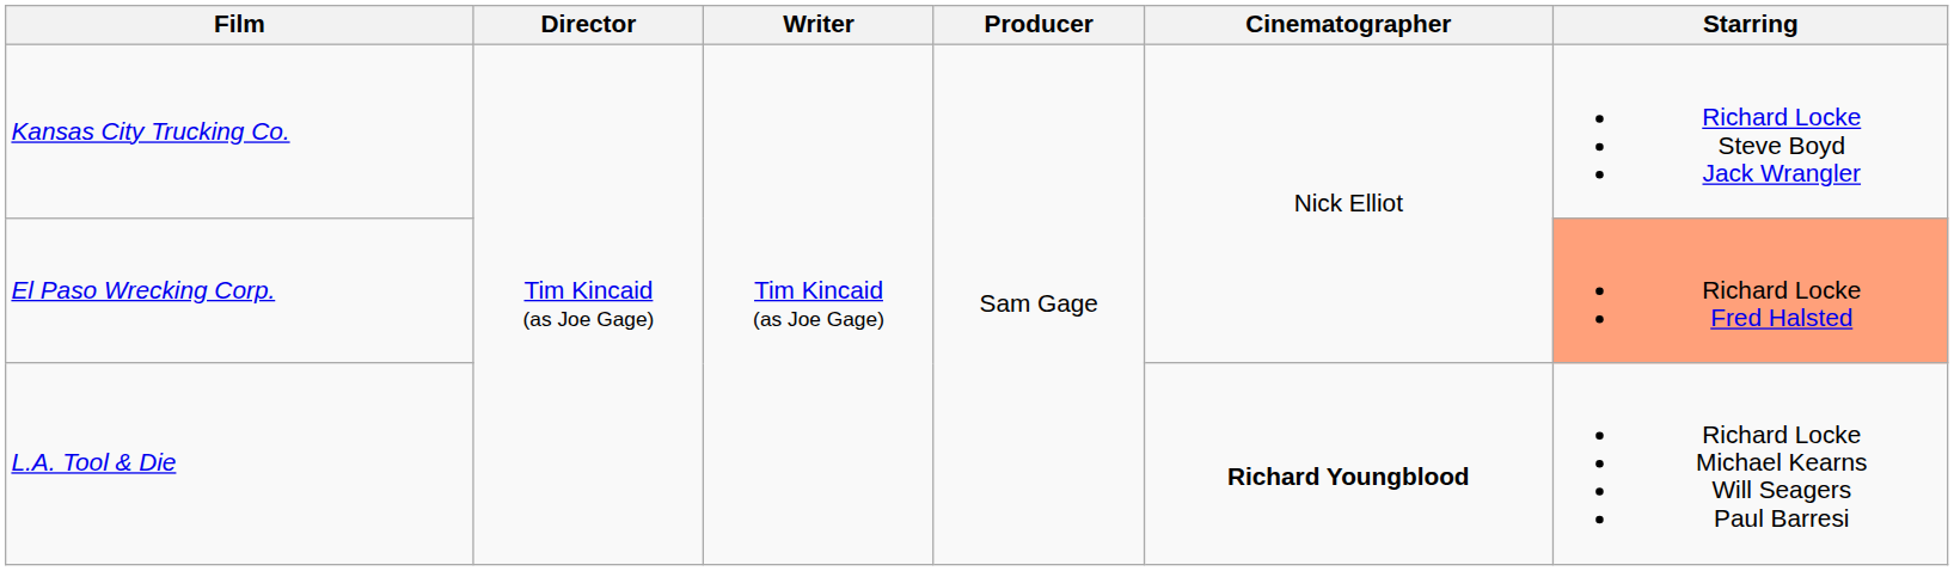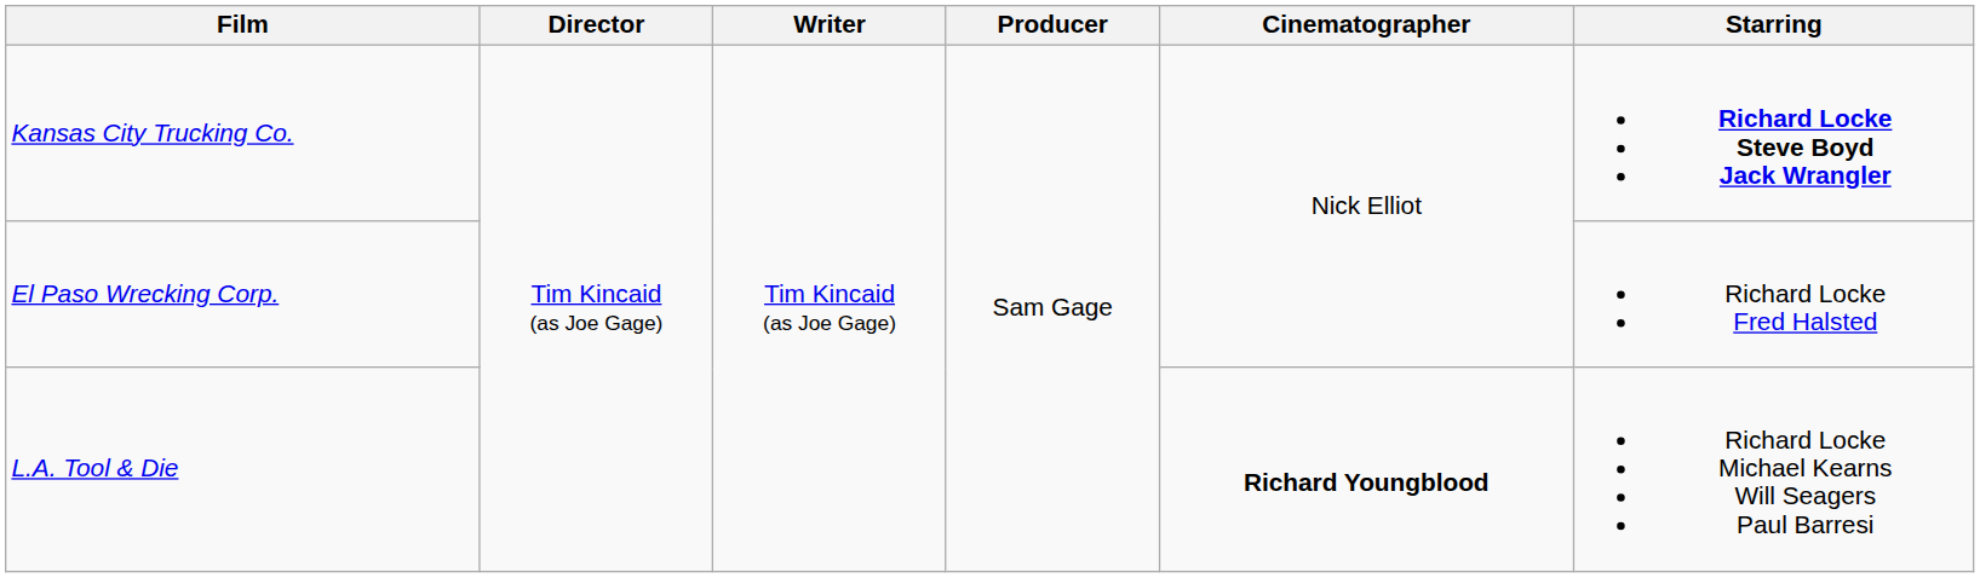 <table class="wikitable" style="width:99%;">
 <tr>
 <th>Film</th>
 <th>Director</th>
 <th>Writer</th>
 <th>Producer</th>
 <th>Cinematographer</th>
 <th>Starring</th>
 </tr>
 <tr>
 <td><em><a href='#'>Kansas City Trucking Co.</a></em></td>
 <td rowspan="3" style="text-align:center;"><a href='#'>Tim Kincaid</a><br><small>(as Joe Gage)</small></td>
 <td rowspan="3" style="text-align:center;"><a href='#'>Tim Kincaid</a><br><small>(as Joe Gage)</small></td>
 <td rowspan="3" style="text-align:center;">Sam Gage</td>
 <td rowspan="2" style="text-align:center;">Nick Elliot</td>
-<td style="text-align:center;"><br><ul><li><a href='#'>Richard Locke</a></li><li>Steve Boyd</li><li><a href='#'>Jack Wrangler</a></li></ul></td>
+<td style="text-align:center;"><strong><br><ul><li><a href='#'>Richard Locke</a></li><li>Steve Boyd</li><li><a href='#'>Jack Wrangler</a></li></ul></strong></td>
 </tr>
 <tr>
 <td><em><a href='#'>El Paso Wrecking Corp.</a></em></td>
-<td style="background: lightsalmon; text-align:center;"><br><ul><li>Richard Locke</li><li><a href='#'>Fred Halsted</a></li></ul></td>
+<td style="text-align:center;"><br><ul><li>Richard Locke</li><li><a href='#'>Fred Halsted</a></li></ul></td>
 </tr>
 <tr>
 <td><em><a href='#'>L.A. Tool & Die</a></em></td>
 <td style="text-align:center;"><strong><br>Richard Youngblood</strong></td>
 <td style="text-align:center;"><br><ul><li>Richard Locke</li><li>Michael Kearns</li><li>Will Seagers</li><li>Paul Barresi</li></ul></td>
 </tr>
 </table>
